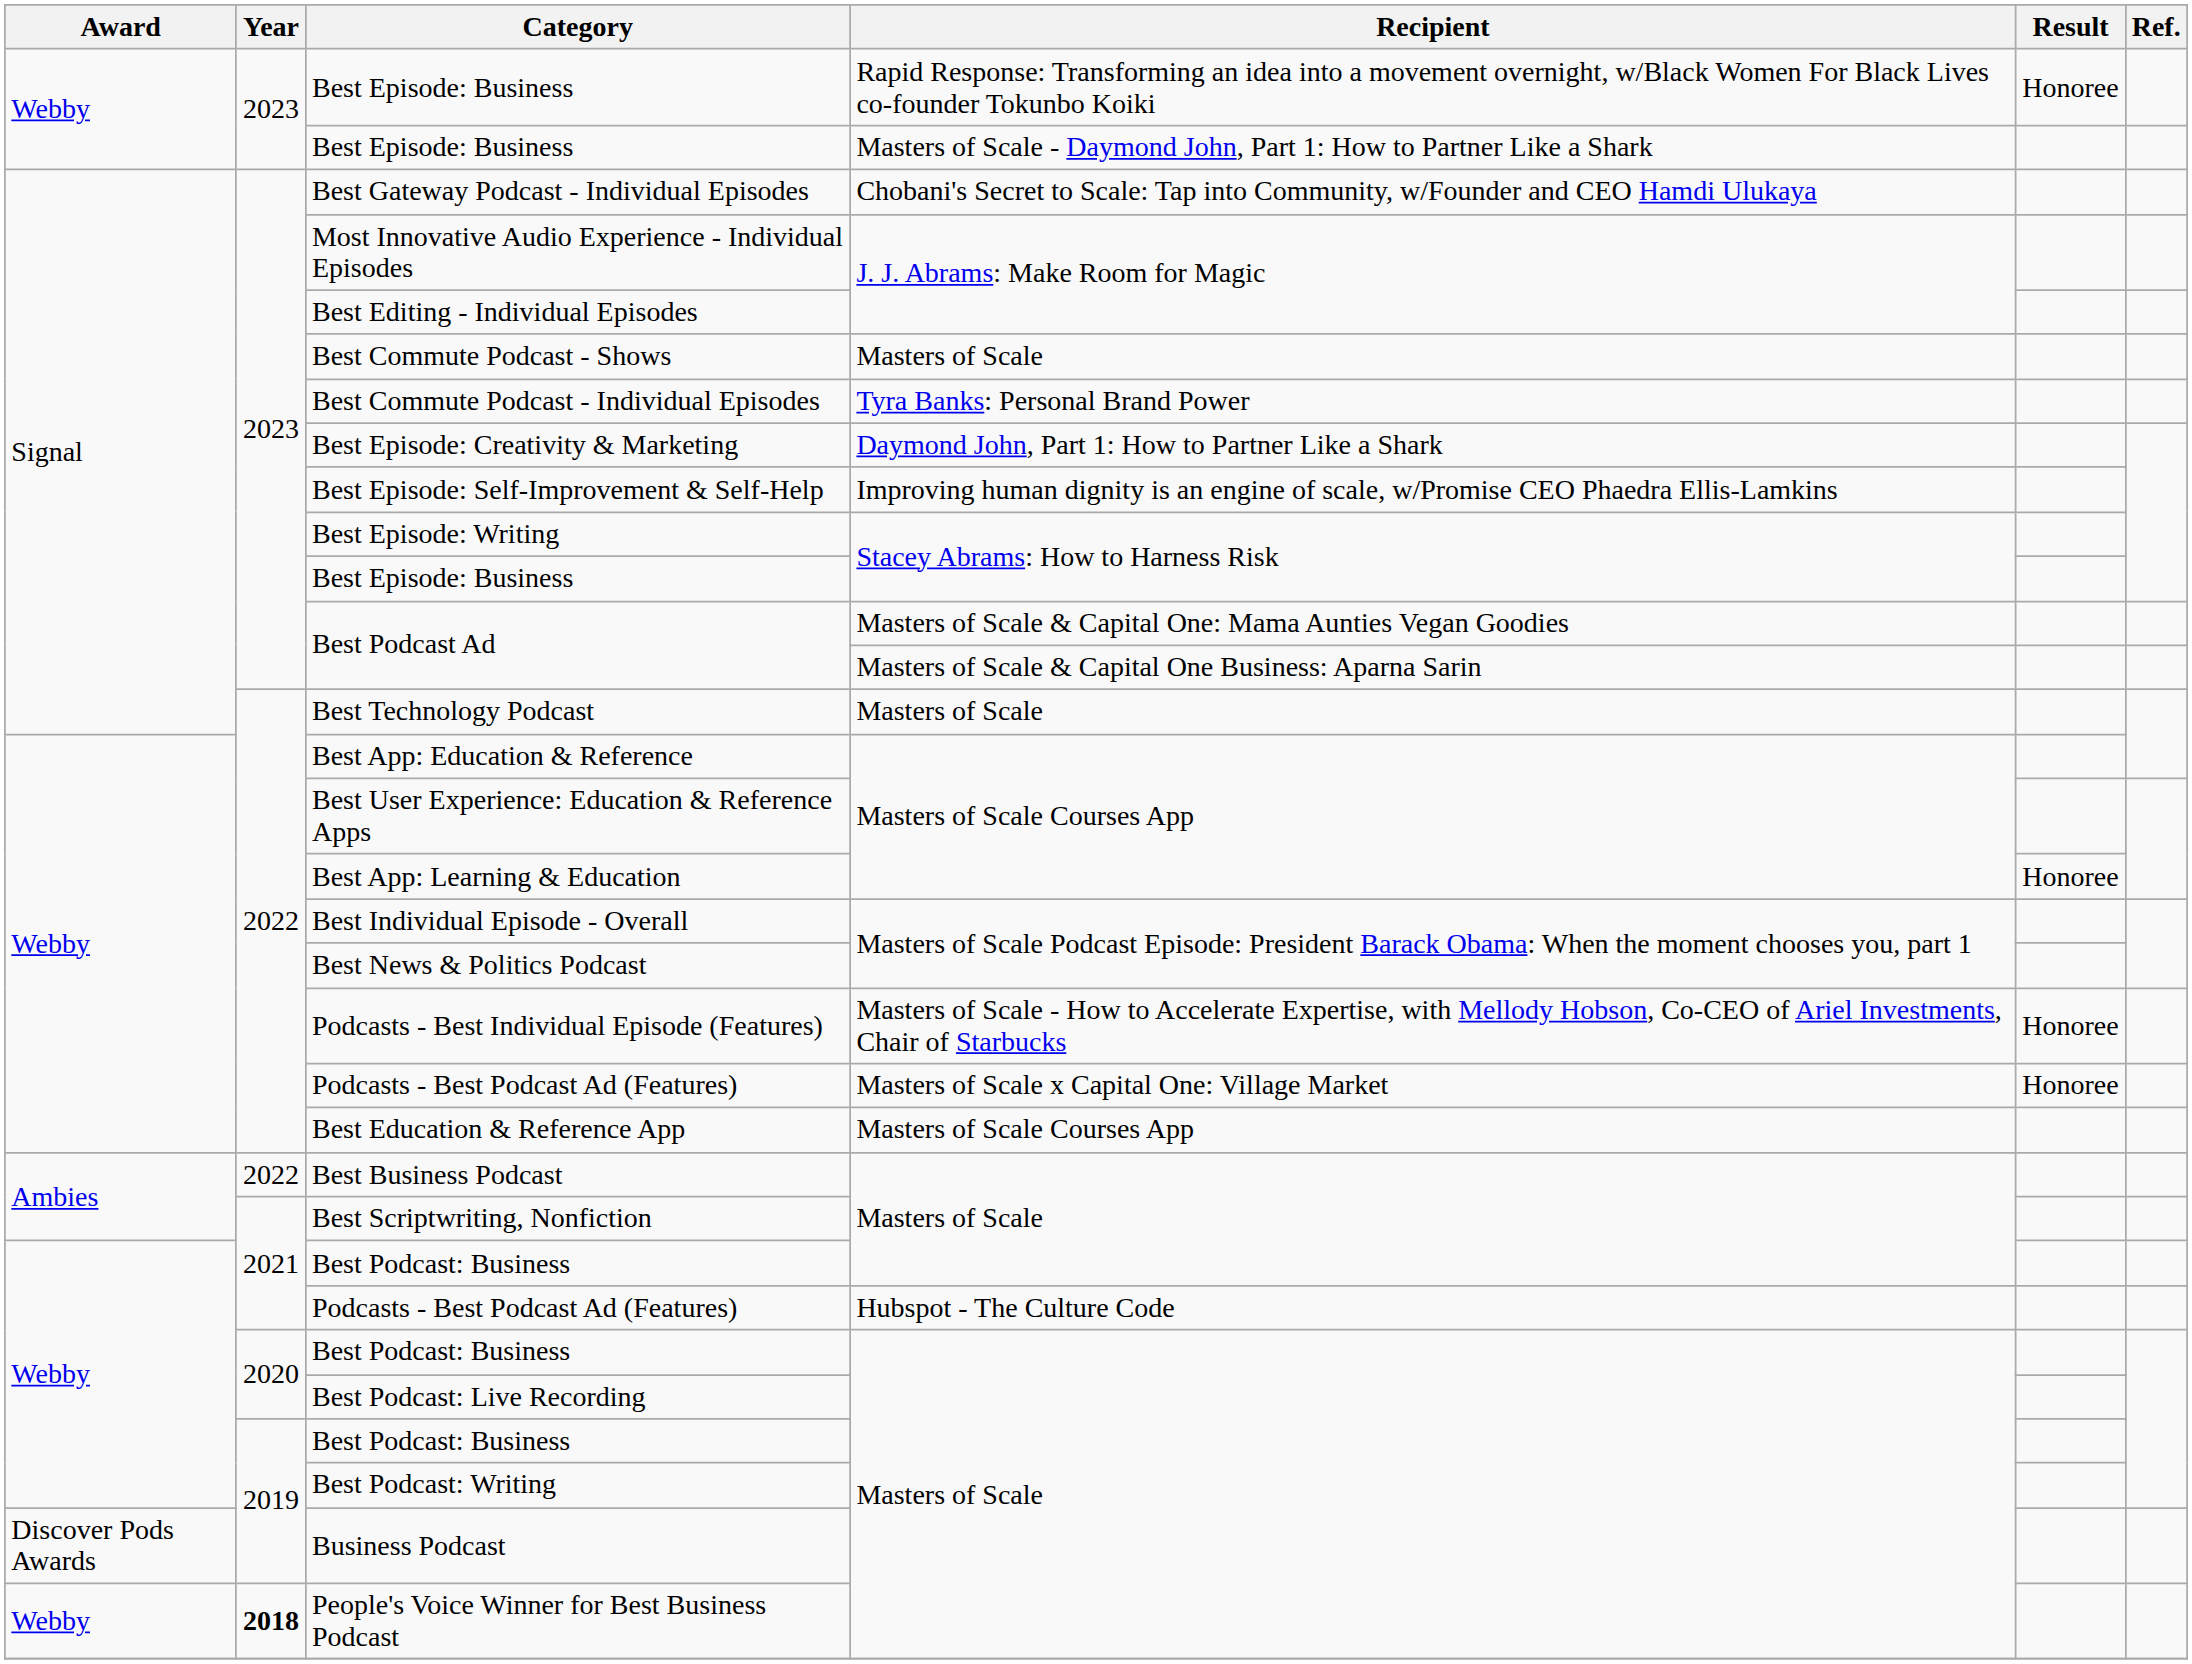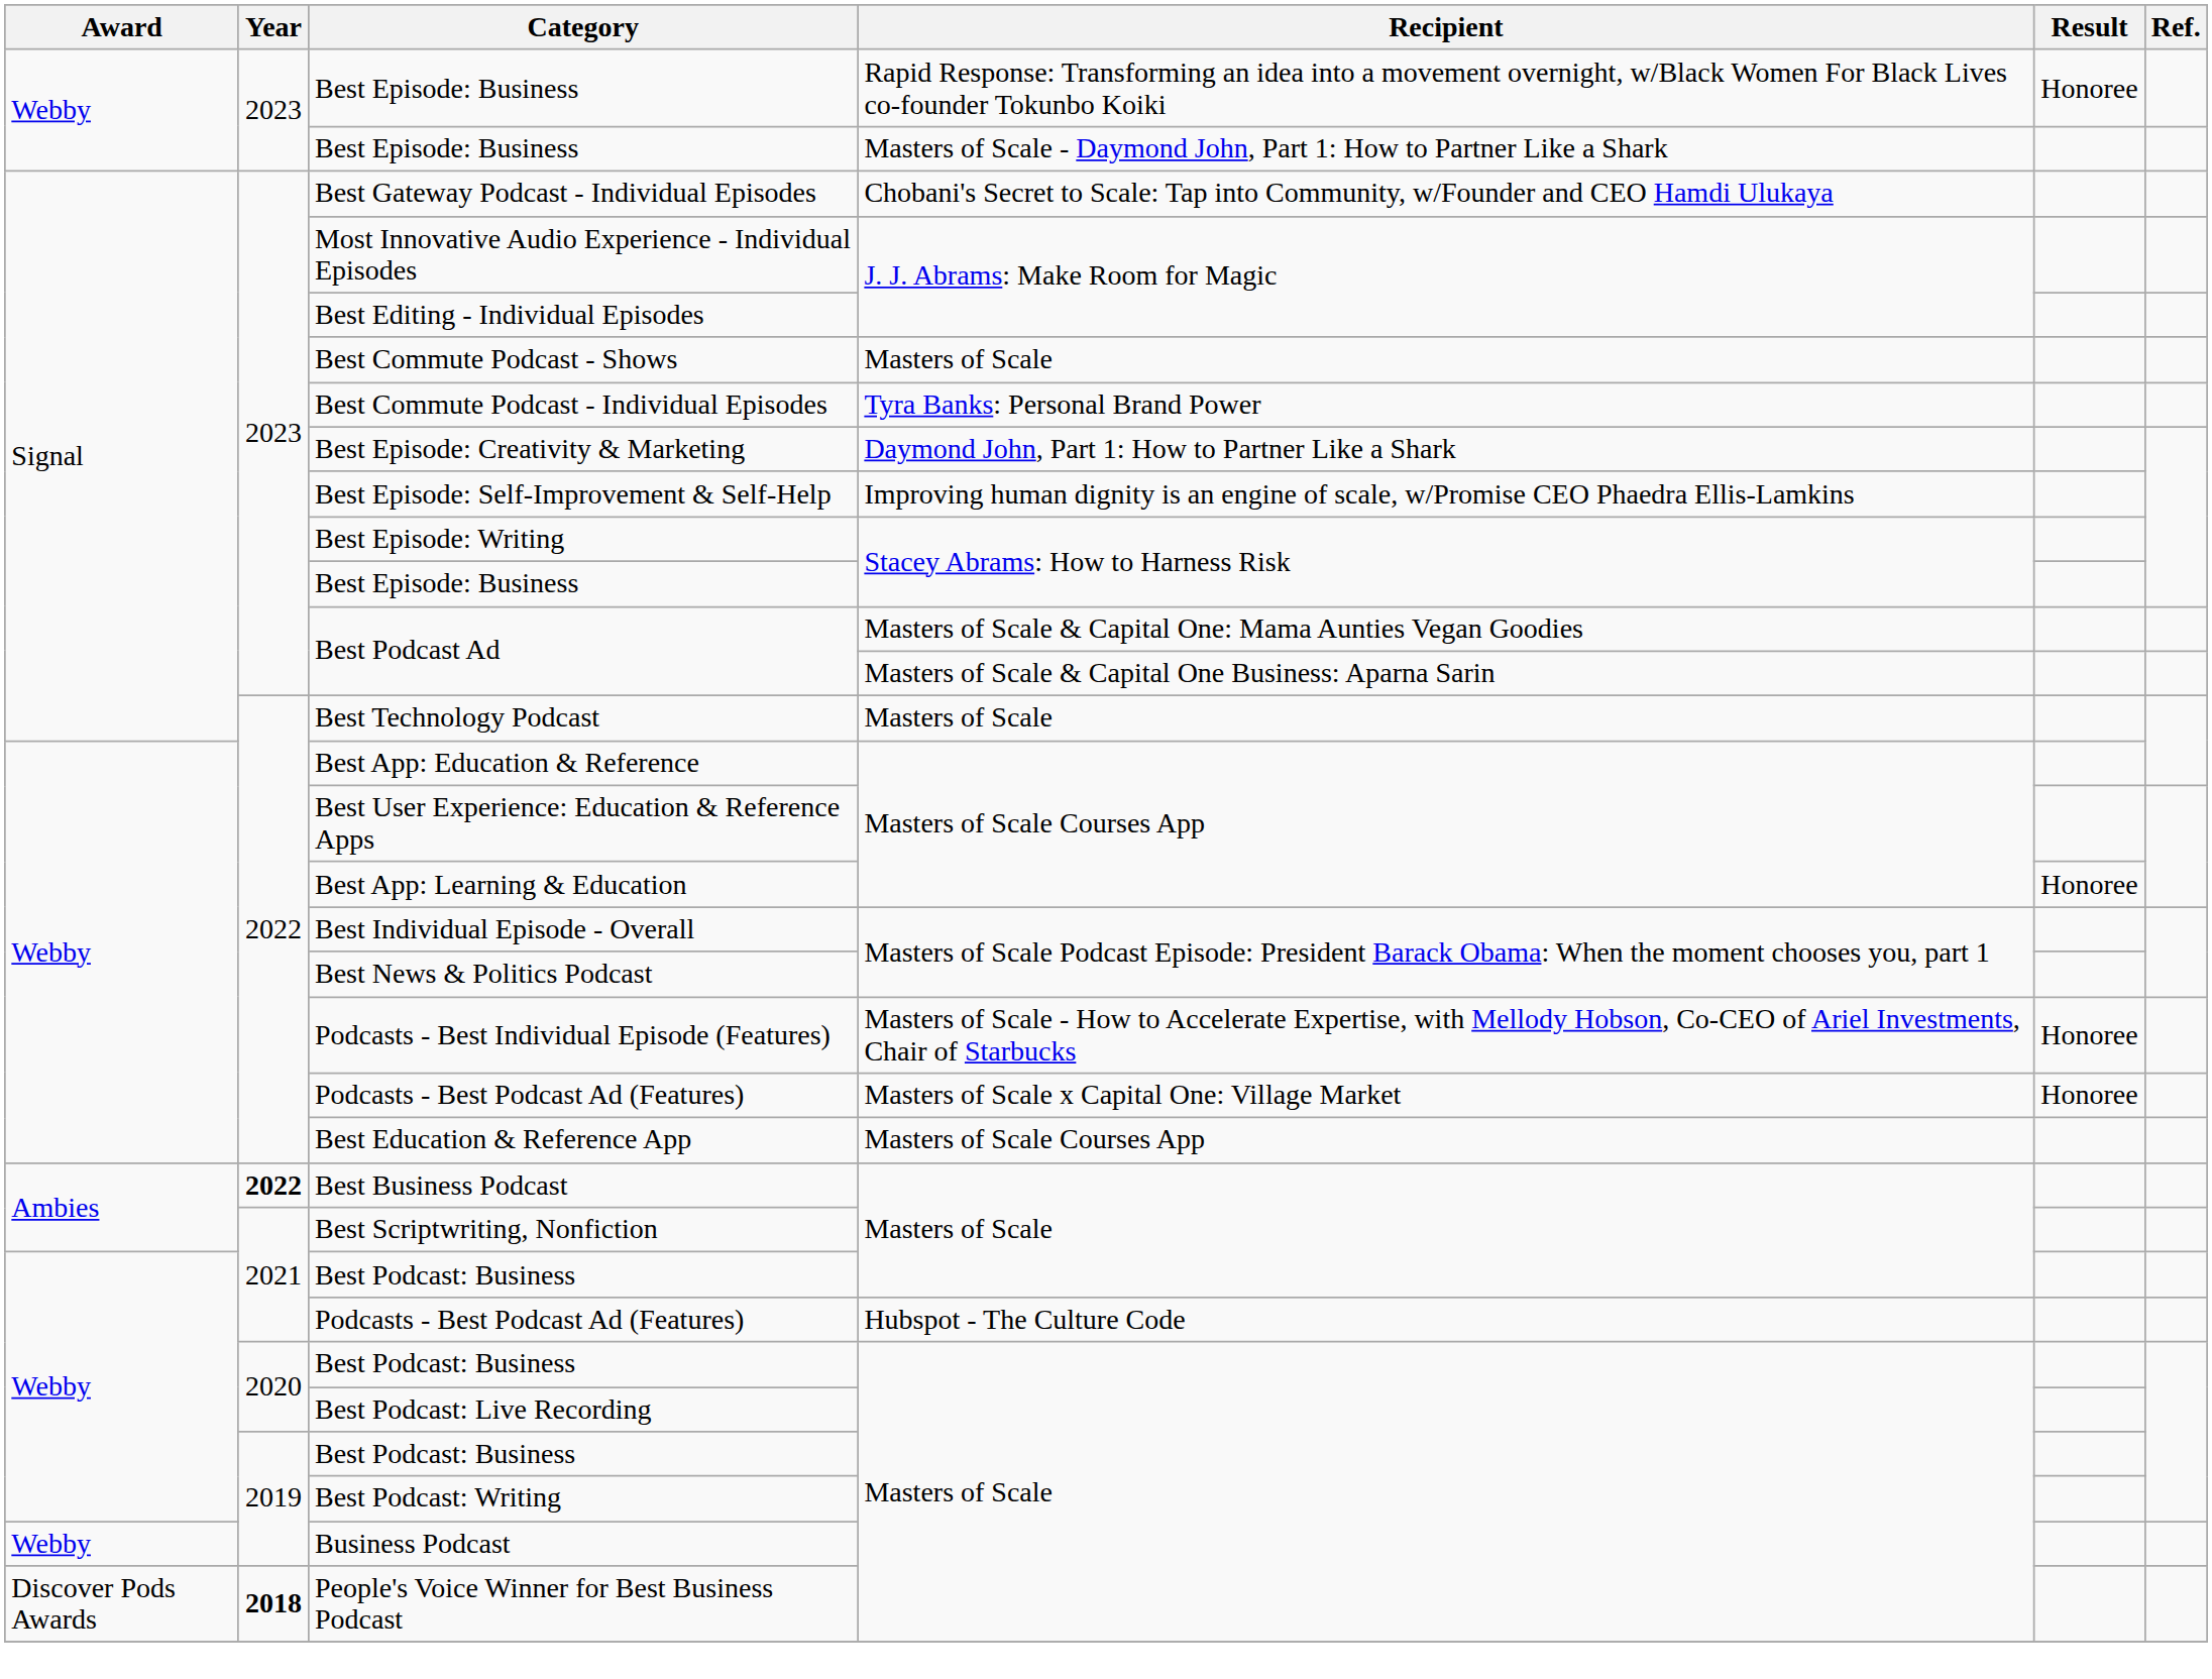 <table class="wikitable">
 <tr>
 <th><strong>Award</strong></th>
 <th><strong>Year</strong></th>
 <th><strong>Category</strong></th>
 <th><strong>Recipient</strong></th>
 <th><strong>Result</strong></th>
 <th><strong>Ref.</strong></th>
 </tr>
 <tr>
 <td rowspan=2><a href='#'>Webby</a></td>
 <td rowspan=2>2023</td>
 <td>Best Episode: Business</td>
 <td>Rapid Response: Transforming an idea into a movement overnight, w/Black Women For Black Lives co-founder Tokunbo Koiki</td>
 <td>Honoree</td>
 <td></td>
 </tr>
 <tr>
 <td>Best Episode: Business</td>
 <td>Masters of Scale - <a href='#'>Daymond John</a>, Part 1: How to Partner Like a Shark</td>
 <td></td>
 <td></td>
 </tr>
 <tr>
 <td rowspan=12>Signal</td>
 <td rowspan=11>2023</td>
 <td>Best Gateway Podcast - Individual Episodes</td>
 <td>Chobani's Secret to Scale: Tap into Community, w/Founder and CEO <a href='#'>Hamdi Ulukaya</a></td>
 <td></td>
 <td></td>
 </tr>
 <tr>
 <td>Most Innovative Audio Experience - Individual Episodes</td>
 <td rowspan=2><a href='#'>J. J. Abrams</a>: Make Room for Magic</td>
 <td></td>
 <td></td>
 </tr>
 <tr>
 <td>Best Editing - Individual Episodes</td>
 <td></td>
 <td></td>
 </tr>
 <tr>
 <td>Best Commute Podcast - Shows</td>
 <td>Masters of Scale</td>
 <td></td>
 <td></td>
 </tr>
 <tr>
 <td>Best Commute Podcast - Individual Episodes</td>
 <td><a href='#'>Tyra Banks</a>: Personal Brand Power</td>
 <td></td>
 <td></td>
 </tr>
 <tr>
 <td>Best Episode: Creativity & Marketing</td>
 <td><a href='#'>Daymond John</a>, Part 1: How to Partner Like a Shark</td>
 <td></td>
 <td rowspan=4></td>
 </tr>
 <tr>
 <td>Best Episode: Self-Improvement & Self-Help</td>
 <td>Improving human dignity is an engine of scale, w/Promise CEO Phaedra Ellis-Lamkins</td>
 <td></td>
 </tr>
 <tr>
 <td>Best Episode: Writing</td>
 <td rowspan=2><a href='#'>Stacey Abrams</a>: How to Harness Risk</td>
 <td></td>
 </tr>
 <tr>
 <td>Best Episode: Business</td>
 <td></td>
 </tr>
 <tr>
 <td rowspan=2>Best Podcast Ad</td>
 <td>Masters of Scale & Capital One: Mama Aunties Vegan Goodies</td>
 <td></td>
 <td></td>
 </tr>
 <tr>
 <td>Masters of Scale & Capital One Business: Aparna Sarin</td>
 <td></td>
 <td></td>
 </tr>
 <tr>
 <td rowspan=9>2022</td>
 <td>Best Technology Podcast</td>
 <td>Masters of Scale</td>
 <td></td>
 <td rowspan=2></td>
 </tr>
 <tr>
 <td rowspan=8><a href='#'>Webby</a></td>
 <td>Best App: Education & Reference</td>
 <td rowspan=3>Masters of Scale Courses App</td>
 <td></td>
 </tr>
 <tr>
 <td>Best User Experience: Education & Reference Apps</td>
 <td></td>
 <td rowspan=2></td>
 </tr>
 <tr>
 <td>Best App: Learning & Education</td>
 <td>Honoree</td>
 </tr>
 <tr>
 <td>Best Individual Episode - Overall</td>
 <td rowspan=2>Masters of Scale Podcast Episode: President <a href='#'>Barack Obama</a>: When the moment chooses you, part 1</td>
 <td></td>
 <td rowspan=2></td>
 </tr>
 <tr>
 <td>Best News & Politics Podcast</td>
 <td></td>
 </tr>
 <tr>
 <td>Podcasts - Best Individual Episode (Features)</td>
 <td>Masters of Scale - How to Accelerate Expertise, with <a href='#'>Mellody Hobson</a>, Co-CEO of <a href='#'>Ariel Investments</a>, Chair of <a href='#'>Starbucks</a></td>
 <td>Honoree</td>
 <td></td>
 </tr>
 <tr>
 <td>Podcasts - Best Podcast Ad (Features)</td>
 <td>Masters of Scale x Capital One: Village Market</td>
 <td>Honoree</td>
 <td></td>
 </tr>
 <tr>
 <td>Best Education & Reference App</td>
 <td>Masters of Scale Courses App</td>
 <td></td>
 <td></td>
 </tr>
 <tr>
 <td rowspan=2><a href='#'>Ambies</a></td>
-<td>2022</td>
+<td><strong>2022</strong></td>
 <td>Best Business Podcast</td>
 <td rowspan=3>Masters of Scale</td>
 <td></td>
 <td></td>
 </tr>
 <tr>
 <td rowspan=3>2021</td>
 <td>Best Scriptwriting, Nonfiction</td>
 <td></td>
 <td></td>
 </tr>
 <tr>
 <td rowspan=6><a href='#'>Webby</a></td>
 <td>Best Podcast: Business</td>
 <td></td>
 <td></td>
 </tr>
 <tr>
 <td>Podcasts - Best Podcast Ad (Features)</td>
 <td>Hubspot - The Culture Code</td>
 <td></td>
 <td></td>
 </tr>
 <tr>
 <td rowspan=2>2020</td>
 <td>Best Podcast: Business</td>
 <td rowspan=6>Masters of Scale</td>
 <td></td>
 <td rowspan=4></td>
 </tr>
 <tr>
 <td>Best Podcast: Live Recording</td>
 <td></td>
 </tr>
 <tr>
 <td rowspan=3>2019</td>
 <td>Best Podcast: Business</td>
 <td></td>
 </tr>
 <tr>
 <td>Best Podcast: Writing</td>
 <td></td>
 </tr>
 <tr>
-<td>Discover Pods Awards</td>
+<td><a href='#'>Webby</a></td>
 <td>Business Podcast</td>
 <td></td>
 <td></td>
 </tr>
 <tr>
-<td><a href='#'>Webby</a></td>
+<td>Discover Pods Awards</td>
 <td><strong>2018</strong></td>
 <td>People's Voice Winner for Best Business Podcast</td>
 <td></td>
 <td></td>
 </tr>
 <tr>
 </tr>
 </table>
